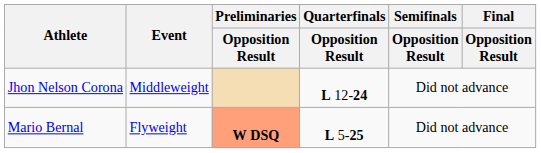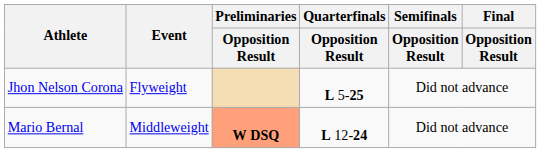 <table class="wikitable" border="1" style="font-size:90%">
 <tr>
 <th rowspan=2>Athlete</th>
 <th rowspan=2>Event</th>
 <th>Preliminaries</th>
 <th>Quarterfinals</th>
 <th>Semifinals</th>
 <th>Final</th>
 </tr>
 <tr>
 <th>Opposition<br>Result</th>
 <th>Opposition<br>Result</th>
 <th>Opposition<br>Result</th>
 <th>Opposition<br>Result</th>
 </tr>
 <tr>
 <td><a href='#'>Jhon Nelson Corona</a></td>
-<td><a href='#'>Middleweight</a></td>
+<td><a href='#'>Flyweight</a></td>
 <td bgcolor=wheat></td>
-<td align=center><br><strong>L</strong> 12-<strong>24</strong></td>
+<td align=center><br><strong>L</strong> 5-<strong>25</strong></td>
 <td align=center colspan="7">Did not advance</td>
 </tr>
 <tr>
 <td><a href='#'>Mario Bernal</a></td>
-<td><a href='#'>Flyweight</a></td>
+<td><a href='#'>Middleweight</a></td>
 <td align=center style="background: lightsalmon;"><br><strong>W</strong> <strong>DSQ</strong></td>
-<td align=center><br><strong>L</strong> 5-<strong>25</strong></td>
+<td align=center><br><strong>L</strong> 12-<strong>24</strong></td>
 <td align=center colspan="7">Did not advance</td>
 </tr>
 </table>
